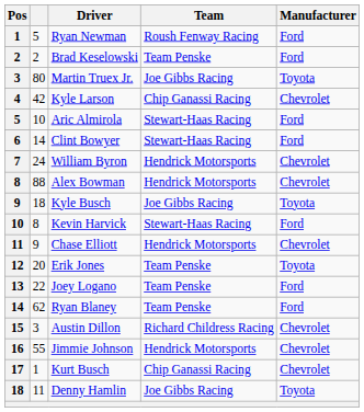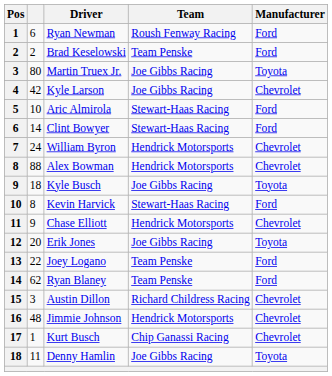 <table class="wikitable" style="font-size:95%">
 <tr>
 <th>Pos</th>
 <th></th>
 <th>Driver</th>
 <th>Team</th>
 <th>Manufacturer</th>
 </tr>
 <tr>
 <th>1</th>
-<td>5</td>
+<td>6</td>
 <td><a href='#'>Ryan Newman</a></td>
 <td><a href='#'>Roush Fenway Racing</a></td>
 <td><a href='#'>Ford</a></td>
 </tr>
 <tr>
 <th>2</th>
 <td>2</td>
 <td><a href='#'>Brad Keselowski</a></td>
 <td><a href='#'>Team Penske</a></td>
 <td><a href='#'>Ford</a></td>
 </tr>
 <tr>
 <th>3</th>
 <td>80</td>
 <td><a href='#'>Martin Truex Jr.</a></td>
 <td><a href='#'>Joe Gibbs Racing</a></td>
 <td><a href='#'>Toyota</a></td>
 </tr>
 <tr>
 <th>4</th>
 <td>42</td>
 <td><a href='#'>Kyle Larson</a></td>
-<td><a href='#'>Chip Ganassi Racing</a></td>
+<td><a href='#'>Joe Gibbs Racing</a></td>
 <td><a href='#'>Chevrolet</a></td>
 </tr>
 <tr>
 <th>5</th>
 <td>10</td>
 <td><a href='#'>Aric Almirola</a></td>
 <td><a href='#'>Stewart-Haas Racing</a></td>
 <td><a href='#'>Ford</a></td>
 </tr>
 <tr>
 <th>6</th>
 <td>14</td>
 <td><a href='#'>Clint Bowyer</a></td>
 <td><a href='#'>Stewart-Haas Racing</a></td>
 <td><a href='#'>Ford</a></td>
 </tr>
 <tr>
 <th>7</th>
 <td>24</td>
 <td><a href='#'>William Byron</a></td>
 <td><a href='#'>Hendrick Motorsports</a></td>
 <td><a href='#'>Chevrolet</a></td>
 </tr>
 <tr>
 <th>8</th>
 <td>88</td>
 <td><a href='#'>Alex Bowman</a></td>
 <td><a href='#'>Hendrick Motorsports</a></td>
 <td><a href='#'>Chevrolet</a></td>
 </tr>
 <tr>
 <th>9</th>
 <td>18</td>
 <td><a href='#'>Kyle Busch</a></td>
 <td><a href='#'>Joe Gibbs Racing</a></td>
 <td><a href='#'>Toyota</a></td>
 </tr>
 <tr>
 <th>10</th>
 <td>8</td>
 <td><a href='#'>Kevin Harvick</a></td>
 <td><a href='#'>Stewart-Haas Racing</a></td>
 <td><a href='#'>Ford</a></td>
 </tr>
 <tr>
 <th>11</th>
 <td>9</td>
 <td><a href='#'>Chase Elliott</a></td>
 <td><a href='#'>Hendrick Motorsports</a></td>
 <td><a href='#'>Chevrolet</a></td>
 </tr>
 <tr>
 <th>12</th>
 <td>20</td>
 <td><a href='#'>Erik Jones</a></td>
-<td><a href='#'>Team Penske</a></td>
+<td><a href='#'>Joe Gibbs Racing</a></td>
 <td><a href='#'>Toyota</a></td>
 </tr>
 <tr>
 <th>13</th>
 <td>22</td>
 <td><a href='#'>Joey Logano</a></td>
 <td><a href='#'>Team Penske</a></td>
 <td><a href='#'>Ford</a></td>
 </tr>
 <tr>
 <th>14</th>
 <td>62</td>
 <td><a href='#'>Ryan Blaney</a></td>
 <td><a href='#'>Team Penske</a></td>
 <td><a href='#'>Ford</a></td>
 </tr>
 <tr>
 <th>15</th>
 <td>3</td>
 <td><a href='#'>Austin Dillon</a></td>
 <td><a href='#'>Richard Childress Racing</a></td>
 <td><a href='#'>Chevrolet</a></td>
 </tr>
 <tr>
 <th>16</th>
-<td>55</td>
+<td>48</td>
 <td><a href='#'>Jimmie Johnson</a></td>
 <td><a href='#'>Hendrick Motorsports</a></td>
 <td><a href='#'>Chevrolet</a></td>
 </tr>
 <tr>
 <th>17</th>
 <td>1</td>
 <td><a href='#'>Kurt Busch</a></td>
 <td><a href='#'>Chip Ganassi Racing</a></td>
 <td><a href='#'>Chevrolet</a></td>
 </tr>
 <tr>
 <th>18</th>
 <td>11</td>
 <td><a href='#'>Denny Hamlin</a></td>
 <td><a href='#'>Joe Gibbs Racing</a></td>
 <td><a href='#'>Toyota</a></td>
 </tr>
 <tr>
 <th colspan="7"></th>
 </tr>
 </table>
